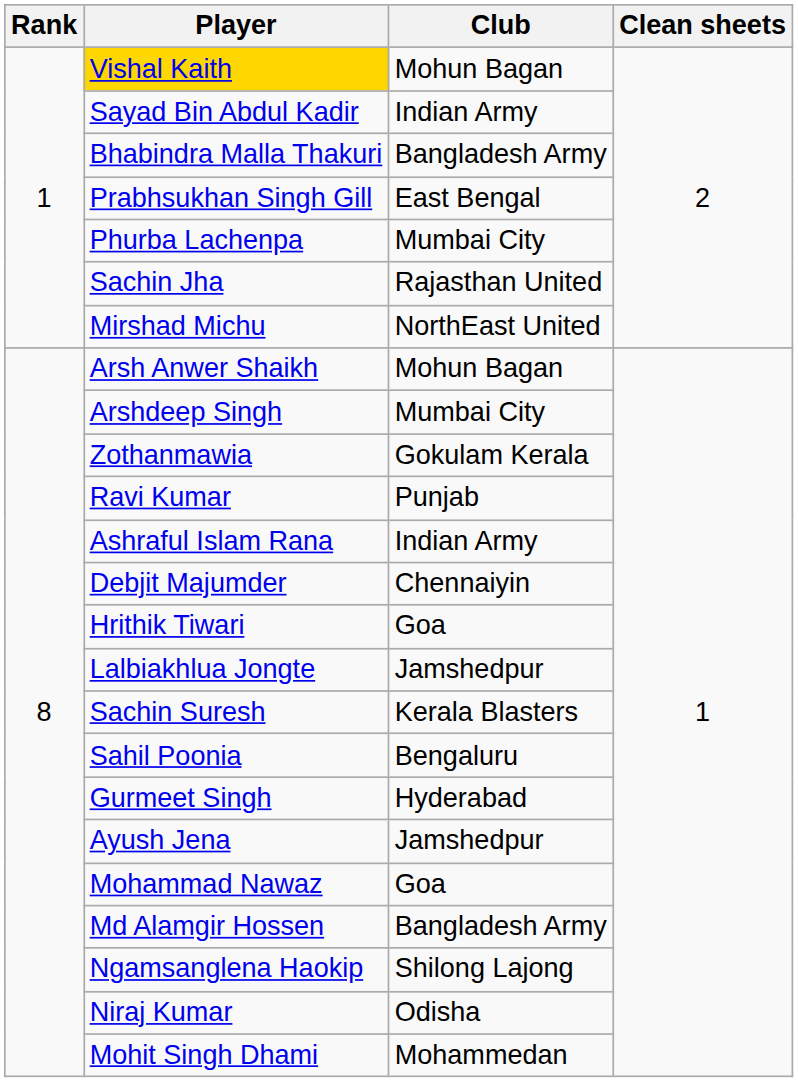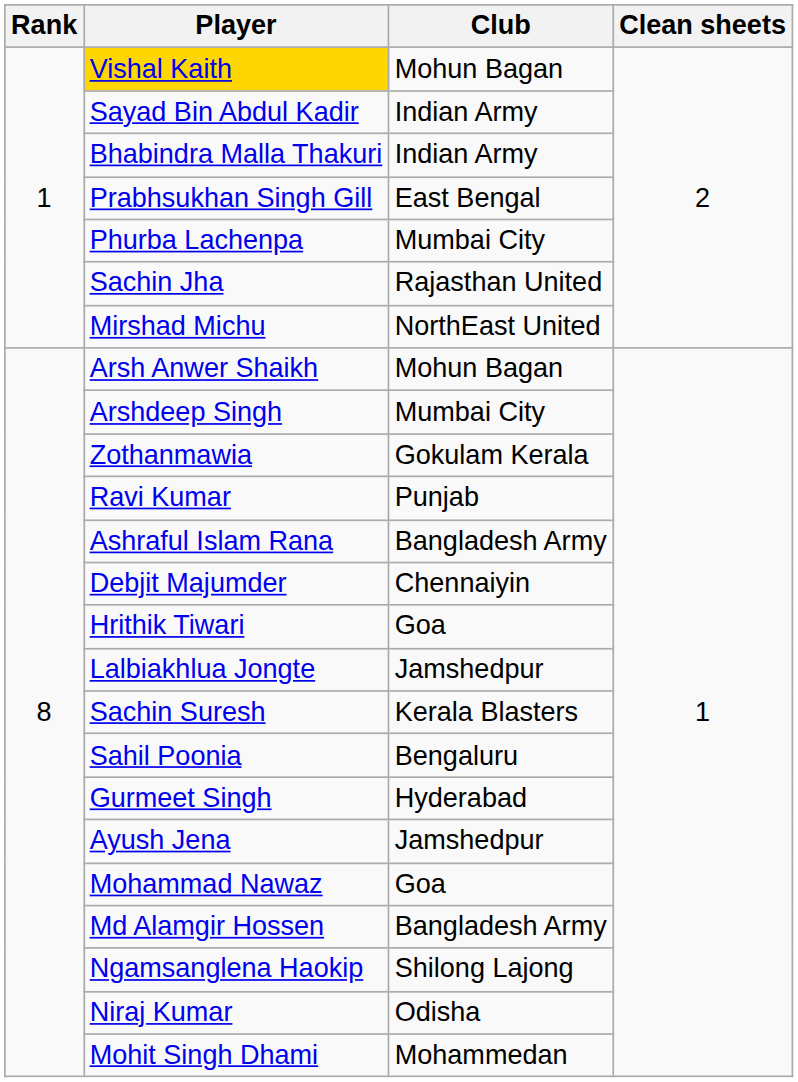 <table class="wikitable sortable" style="text-align:center">
 <tr>
 <th>Rank</th>
 <th>Player</th>
 <th>Club</th>
 <th>Clean sheets</th>
 </tr>
 <tr>
 <td rowspan="7">1</td>
 <td align="left" bgcolor="gold"> <a href='#'>Vishal Kaith</a> </td>
 <td align="left">Mohun Bagan</td>
 <td rowspan="7">2</td>
 </tr>
 <tr>
 <td align="left"> <a href='#'>Sayad Bin Abdul Kadir</a></td>
 <td align="left">Indian Army</td>
 </tr>
 <tr>
 <td align="left"> <a href='#'>Bhabindra Malla Thakuri</a></td>
-<td align="left"> Bangladesh Army</td>
+<td align="left">Indian Army</td>
 </tr>
 <tr>
 <td align="left"> <a href='#'>Prabhsukhan Singh Gill</a></td>
 <td align="left">East Bengal</td>
 </tr>
 <tr>
 <td align="left"> <a href='#'>Phurba Lachenpa</a></td>
 <td align="left">Mumbai City</td>
 </tr>
 <tr>
 <td align="left"> <a href='#'>Sachin Jha</a></td>
 <td align="left">Rajasthan United</td>
 </tr>
 <tr>
 <td align="left"> <a href='#'>Mirshad Michu</a></td>
 <td align="left">NorthEast United</td>
 </tr>
 <tr>
 <td rowspan="17">8</td>
 <td align="left"> <a href='#'>Arsh Anwer Shaikh</a></td>
 <td align="left">Mohun Bagan</td>
 <td rowspan="17">1</td>
 </tr>
 <tr>
 <td align="left"> <a href='#'>Arshdeep Singh</a></td>
 <td align="left">Mumbai City</td>
 </tr>
 <tr>
 <td align="left"> <a href='#'>Zothanmawia</a></td>
 <td align="left">Gokulam Kerala</td>
 </tr>
 <tr>
 <td align="left"> <a href='#'>Ravi Kumar</a></td>
 <td align="left">Punjab</td>
 </tr>
 <tr>
 <td align="left"> <a href='#'>Ashraful Islam Rana</a></td>
-<td align="left">Indian Army</td>
+<td align="left"> Bangladesh Army</td>
 </tr>
 <tr>
 <td align="left"> <a href='#'>Debjit Majumder</a></td>
 <td align="left">Chennaiyin</td>
 </tr>
 <tr>
 <td align="left"> <a href='#'>Hrithik Tiwari</a></td>
 <td align="left">Goa</td>
 </tr>
 <tr>
 <td align="left"> <a href='#'>Lalbiakhlua Jongte</a></td>
 <td align="left">Jamshedpur</td>
 </tr>
 <tr>
 <td align="left"> <a href='#'>Sachin Suresh</a></td>
 <td align="left">Kerala Blasters</td>
 </tr>
 <tr>
 <td align="left"> <a href='#'>Sahil Poonia</a></td>
 <td align="left">Bengaluru</td>
 </tr>
 <tr>
 <td align="left"> <a href='#'>Gurmeet Singh</a></td>
 <td align="left">Hyderabad</td>
 </tr>
 <tr>
 <td align="left"> <a href='#'>Ayush Jena</a></td>
 <td align="left">Jamshedpur</td>
 </tr>
 <tr>
 <td align="left"> <a href='#'>Mohammad Nawaz</a></td>
 <td align="left">Goa</td>
 </tr>
 <tr>
 <td align="left"> <a href='#'>Md Alamgir Hossen</a></td>
 <td align="left"> Bangladesh Army</td>
 </tr>
 <tr>
 <td align="left"> <a href='#'>Ngamsanglena Haokip</a></td>
 <td align="left">Shilong Lajong</td>
 </tr>
 <tr>
 <td align="left"> <a href='#'>Niraj Kumar</a></td>
 <td align="left">Odisha</td>
 </tr>
 <tr>
 <td align="left"> <a href='#'>Mohit Singh Dhami</a></td>
 <td align="left">Mohammedan</td>
 </tr>
 </table>
